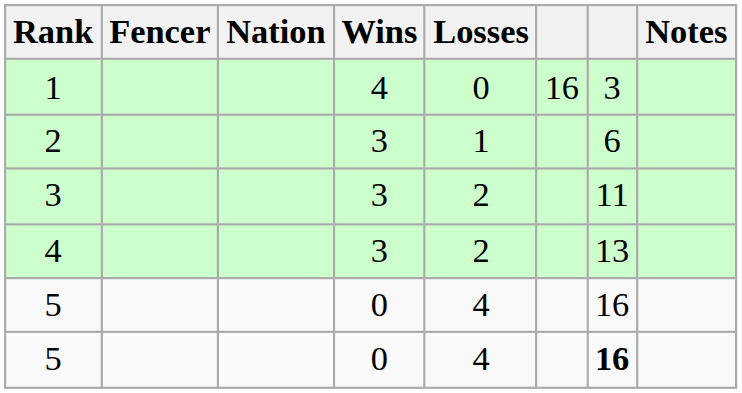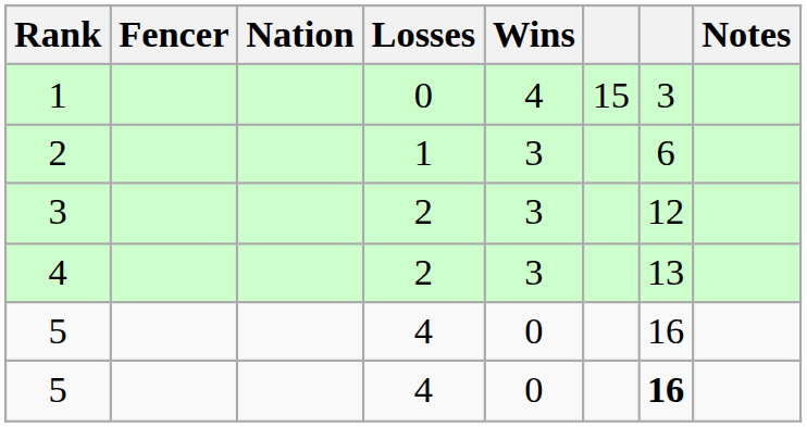 <table class="wikitable sortable" style="text-align: center;">
 <tr>
 <th>Rank</th>
 <th>Fencer</th>
 <th>Nation</th>
+<th>Losses</th>
 <th>Wins</th>
-<th>Losses</th>
 <th></th>
 <th></th>
 <th>Notes</th>
 </tr>
 <tr style="background:#cfc;">
 <td>1</td>
 <td align=left></td>
 <td align=left></td>
+<td>0</td>
 <td>4</td>
-<td>0</td>
-<td>16</td>
+<td>15</td>
 <td>3</td>
 <td></td>
 </tr>
 <tr style="background:#cfc;">
 <td>2</td>
 <td align=left></td>
 <td align=left></td>
+<td>1</td>
 <td>3</td>
-<td>1</td>
 <td></td>
 <td>6</td>
 <td></td>
 </tr>
 <tr style="background:#cfc;">
 <td>3</td>
 <td align=left></td>
 <td align=left></td>
+<td>2</td>
 <td>3</td>
-<td>2</td>
 <td></td>
-<td>11</td>
+<td>12</td>
 <td></td>
 </tr>
 <tr style="background:#cfc;">
 <td>4</td>
 <td align=left></td>
 <td align=left></td>
+<td>2</td>
 <td>3</td>
-<td>2</td>
 <td></td>
 <td>13</td>
 <td></td>
 </tr>
 <tr>
 <td>5</td>
 <td align=left></td>
 <td align=left></td>
+<td>4</td>
 <td>0</td>
-<td>4</td>
 <td></td>
 <td>16</td>
 <td></td>
 </tr>
 <tr>
 <td>5</td>
 <td align=left></td>
 <td align=left></td>
+<td>4</td>
 <td>0</td>
-<td>4</td>
 <td></td>
 <td><strong>16</strong></td>
 <td></td>
 </tr>
 </table>
